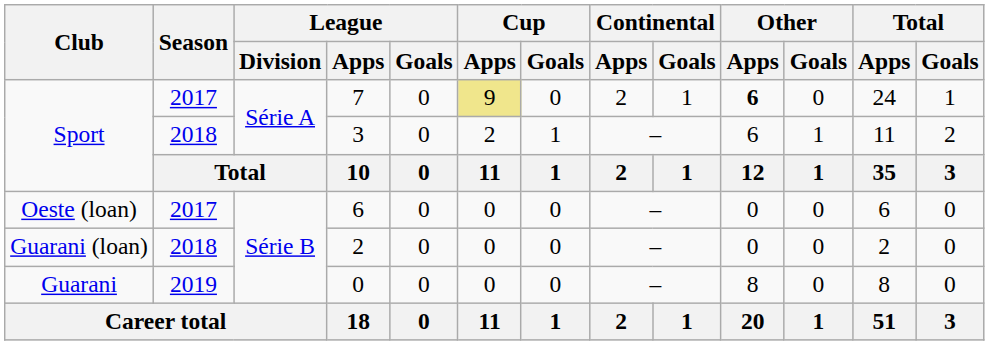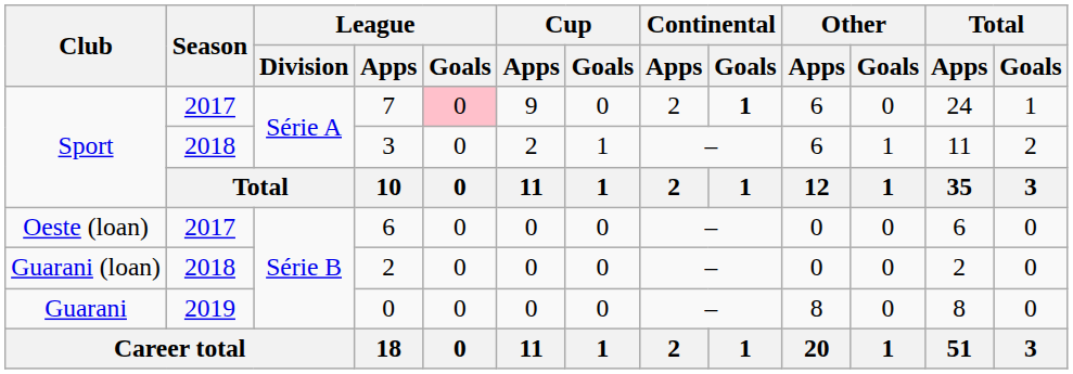 <table class="wikitable" style="text-align: center">
 <tr>
 <th rowspan="2">Club</th>
 <th rowspan="2">Season</th>
 <th colspan="3">League</th>
 <th colspan="2">Cup</th>
 <th colspan="2">Continental</th>
 <th colspan="2">Other</th>
 <th colspan="2">Total</th>
 </tr>
 <tr>
 <th>Division</th>
 <th>Apps</th>
 <th>Goals</th>
 <th>Apps</th>
 <th>Goals</th>
 <th>Apps</th>
 <th>Goals</th>
 <th>Apps</th>
 <th>Goals</th>
 <th>Apps</th>
 <th>Goals</th>
 </tr>
 <tr>
 <td rowspan="3"><a href='#'>Sport</a></td>
 <td><a href='#'>2017</a></td>
 <td rowspan="2"><a href='#'>Série A</a></td>
 <td>7</td>
-<td>0</td>
-<td style="background: khaki;">9</td>
+<td style="background: pink;">0</td>
+<td>9</td>
 <td>0</td>
 <td>2</td>
-<td>1</td>
-<td><strong>6</strong></td>
+<td><strong>1</strong></td>
+<td>6</td>
 <td>0</td>
 <td>24</td>
 <td>1</td>
 </tr>
 <tr>
 <td><a href='#'>2018</a></td>
 <td>3</td>
 <td>0</td>
 <td>2</td>
 <td>1</td>
 <td colspan="2">–</td>
 <td>6</td>
 <td>1</td>
 <td>11</td>
 <td>2</td>
 </tr>
 <tr>
 <th colspan="2"><strong>Total</strong></th>
 <th>10</th>
 <th>0</th>
 <th>11</th>
 <th>1</th>
 <th>2</th>
 <th>1</th>
 <th>12</th>
 <th>1</th>
 <th>35</th>
 <th>3</th>
 </tr>
 <tr>
 <td><a href='#'>Oeste</a> (loan)</td>
 <td><a href='#'>2017</a></td>
 <td rowspan="3"><a href='#'>Série B</a></td>
 <td>6</td>
 <td>0</td>
 <td>0</td>
 <td>0</td>
 <td colspan="2">–</td>
 <td>0</td>
 <td>0</td>
 <td>6</td>
 <td>0</td>
 </tr>
 <tr>
 <td><a href='#'>Guarani</a> (loan)</td>
 <td><a href='#'>2018</a></td>
 <td>2</td>
 <td>0</td>
 <td>0</td>
 <td>0</td>
 <td colspan="2">–</td>
 <td>0</td>
 <td>0</td>
 <td>2</td>
 <td>0</td>
 </tr>
 <tr>
 <td><a href='#'>Guarani</a></td>
 <td><a href='#'>2019</a></td>
 <td>0</td>
 <td>0</td>
 <td>0</td>
 <td>0</td>
 <td colspan="2">–</td>
 <td>8</td>
 <td>0</td>
 <td>8</td>
 <td>0</td>
 </tr>
 <tr>
 <th colspan="3"><strong>Career total</strong></th>
 <th>18</th>
 <th>0</th>
 <th>11</th>
 <th>1</th>
 <th>2</th>
 <th>1</th>
 <th>20</th>
 <th>1</th>
 <th>51</th>
 <th>3</th>
 </tr>
 </table>
